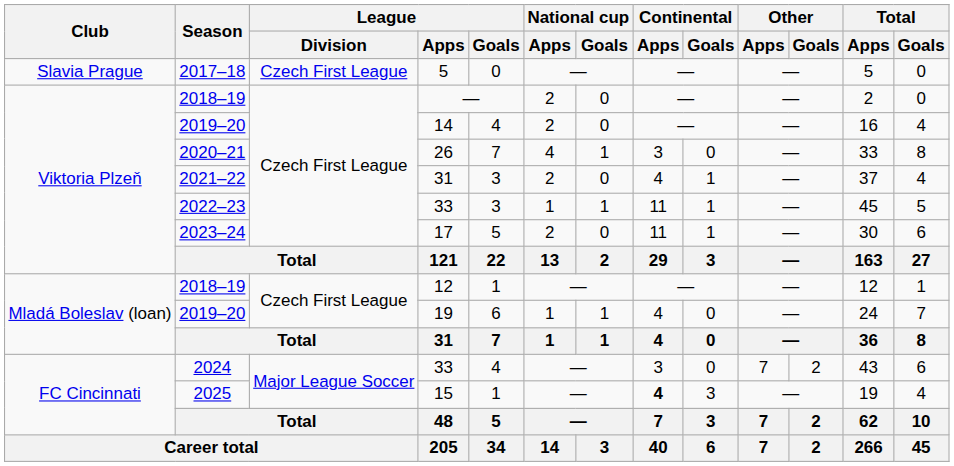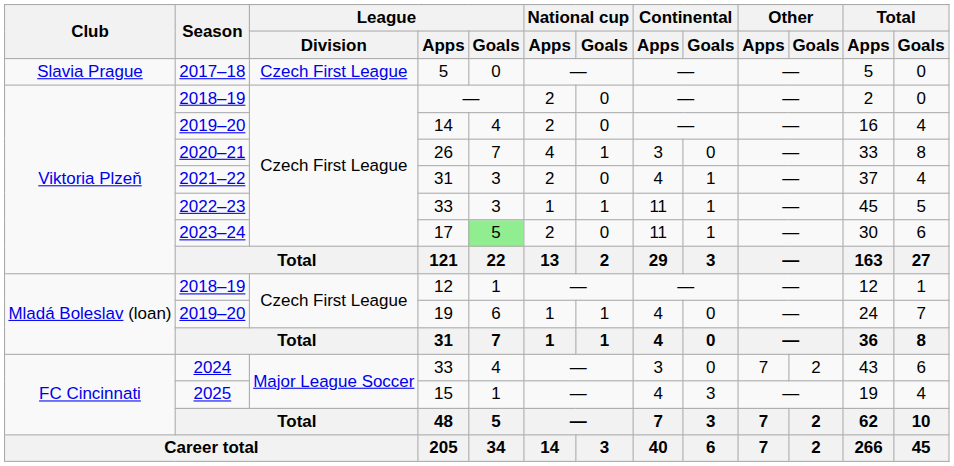 <table class="wikitable" style="text-align:center">
 <tr>
 <th rowspan=2>Club</th>
 <th rowspan=2>Season</th>
 <th colspan=3>League</th>
 <th colspan=2>National cup</th>
 <th colspan=2>Continental</th>
 <th colspan=2>Other</th>
 <th colspan=2>Total</th>
 </tr>
 <tr>
 <th>Division</th>
 <th>Apps</th>
 <th>Goals</th>
 <th>Apps</th>
 <th>Goals</th>
 <th>Apps</th>
 <th>Goals</th>
 <th>Apps</th>
 <th>Goals</th>
 <th>Apps</th>
 <th>Goals</th>
 </tr>
 <tr>
 <td><a href='#'>Slavia Prague</a></td>
 <td><a href='#'>2017–18</a></td>
 <td><a href='#'>Czech First League</a></td>
 <td>5</td>
 <td>0</td>
 <td colspan="2">—</td>
 <td colspan="2">—</td>
 <td colspan="2">—</td>
 <td>5</td>
 <td>0</td>
 </tr>
 <tr>
 <td rowspan="7"><a href='#'>Viktoria Plzeň</a></td>
 <td><a href='#'>2018–19</a></td>
 <td rowspan="6">Czech First League</td>
 <td colspan="2">—</td>
 <td>2</td>
 <td>0</td>
 <td colspan="2">—</td>
 <td colspan="2">—</td>
 <td>2</td>
 <td>0</td>
 </tr>
 <tr>
 <td><a href='#'>2019–20</a></td>
 <td>14</td>
 <td>4</td>
 <td>2</td>
 <td>0</td>
 <td colspan="2">—</td>
 <td colspan="2">—</td>
 <td>16</td>
 <td>4</td>
 </tr>
 <tr>
 <td><a href='#'>2020–21</a></td>
 <td>26</td>
 <td>7</td>
 <td>4</td>
 <td>1</td>
 <td>3</td>
 <td>0</td>
 <td colspan="2">—</td>
 <td>33</td>
 <td>8</td>
 </tr>
 <tr>
 <td><a href='#'>2021–22</a></td>
 <td>31</td>
 <td>3</td>
 <td>2</td>
 <td>0</td>
 <td>4</td>
 <td>1</td>
 <td colspan="2">—</td>
 <td>37</td>
 <td>4</td>
 </tr>
 <tr>
 <td><a href='#'>2022–23</a></td>
 <td>33</td>
 <td>3</td>
 <td>1</td>
 <td>1</td>
 <td>11</td>
 <td>1</td>
 <td colspan="2">—</td>
 <td>45</td>
 <td>5</td>
 </tr>
 <tr>
 <td><a href='#'>2023–24</a></td>
 <td>17</td>
-<td>5</td>
+<td style="background: lightgreen;">5</td>
 <td>2</td>
 <td>0</td>
 <td>11</td>
 <td>1</td>
 <td colspan="2">—</td>
 <td>30</td>
 <td>6</td>
 </tr>
 <tr>
 <th colspan="2">Total</th>
 <th>121</th>
 <th>22</th>
 <th>13</th>
 <th>2</th>
 <th>29</th>
 <th>3</th>
 <th colspan="2">—</th>
 <th>163</th>
 <th>27</th>
 </tr>
 <tr>
 <td rowspan="3"><a href='#'>Mladá Boleslav</a> (loan)</td>
 <td><a href='#'>2018–19</a></td>
 <td rowspan="2">Czech First League</td>
 <td>12</td>
 <td>1</td>
 <td colspan="2">—</td>
 <td colspan="2">—</td>
 <td colspan="2">—</td>
 <td>12</td>
 <td>1</td>
 </tr>
 <tr>
 <td><a href='#'>2019–20</a></td>
 <td>19</td>
 <td>6</td>
 <td>1</td>
 <td>1</td>
 <td>4</td>
 <td>0</td>
 <td colspan="2">—</td>
 <td>24</td>
 <td>7</td>
 </tr>
 <tr>
 <th colspan="2">Total</th>
 <th>31</th>
 <th>7</th>
 <th>1</th>
 <th>1</th>
 <th>4</th>
 <th>0</th>
 <th colspan="2">—</th>
 <th>36</th>
 <th>8</th>
 </tr>
 <tr>
 <td rowspan="3"><a href='#'>FC Cincinnati</a></td>
 <td><a href='#'>2024</a></td>
 <td rowspan="2"><a href='#'>Major League Soccer</a></td>
 <td>33</td>
 <td>4</td>
 <td colspan="2">—</td>
 <td>3</td>
 <td>0</td>
 <td>7</td>
 <td>2</td>
 <td>43</td>
 <td>6</td>
 </tr>
 <tr>
 <td><a href='#'>2025</a></td>
 <td>15</td>
 <td>1</td>
 <td colspan="2">—</td>
-<td><strong>4</strong></td>
+<td>4</td>
 <td>3</td>
 <td colspan="2">—</td>
 <td>19</td>
 <td>4</td>
 </tr>
 <tr>
 <th colspan="2">Total</th>
 <th>48</th>
 <th>5</th>
 <th colspan="2">—</th>
 <th>7</th>
 <th>3</th>
 <th>7</th>
 <th>2</th>
 <th>62</th>
 <th>10</th>
 </tr>
 <tr>
 <th colspan="3">Career total</th>
 <th>205</th>
 <th>34</th>
 <th>14</th>
 <th>3</th>
 <th>40</th>
 <th>6</th>
 <th>7</th>
 <th>2</th>
 <th>266</th>
 <th>45</th>
 </tr>
 </table>
